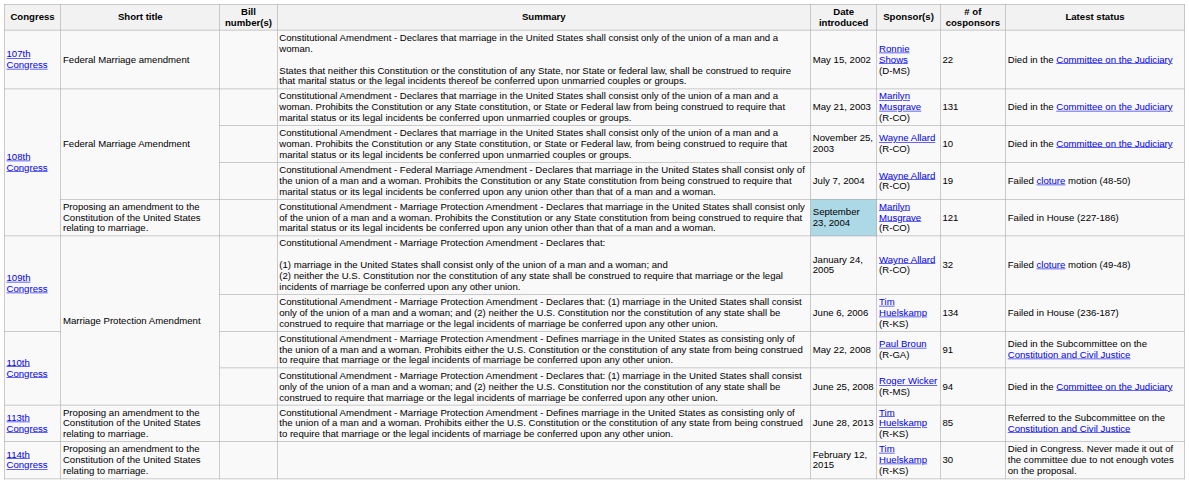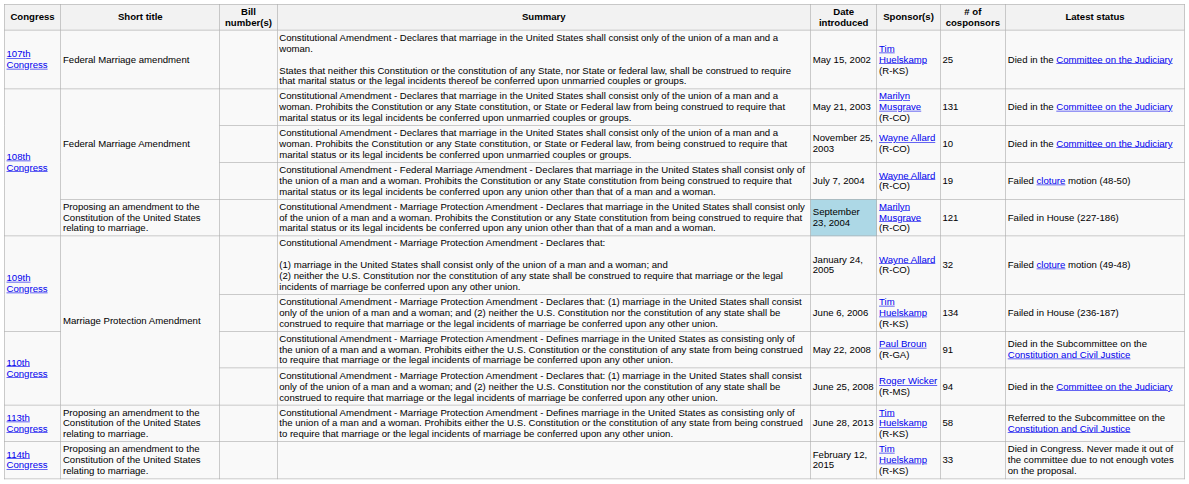 <table class="wikitable">
 <tr>
 <th>Congress</th>
 <th>Short title</th>
 <th>Bill number(s)</th>
 <th>Summary</th>
 <th>Date introduced</th>
 <th>Sponsor(s)</th>
 <th># of cosponsors</th>
 <th>Latest status</th>
 </tr>
 <tr>
 <td><a href='#'>107th Congress</a></td>
 <td>Federal Marriage amendment</td>
 <td></td>
 <td>Constitutional Amendment - Declares that marriage in the United States shall consist only of the union of a man and a woman.<br><br>States that neither this Constitution or the constitution of any State, nor State or federal law, shall be construed to require that marital status or the legal incidents thereof be conferred upon unmarried couples or groups.</td>
 <td>May 15, 2002</td>
-<td><a href='#'>Ronnie Shows</a><br>(D-MS)</td>
-<td>22</td>
+<td><a href='#'>Tim Huelskamp</a><br>(R-KS)</td>
+<td>25</td>
 <td>Died in the <a href='#'>Committee on the Judiciary</a></td>
 </tr>
 <tr>
 <td rowspan=4><a href='#'>108th Congress</a></td>
 <td rowspan=3>Federal Marriage Amendment</td>
 <td></td>
 <td>Constitutional Amendment - Declares that marriage in the United States shall consist only of the union of a man and a woman. Prohibits the Constitution or any State constitution, or State or Federal law from being construed to require that marital status or its legal incidents be conferred upon unmarried couples or groups.</td>
 <td>May 21, 2003</td>
 <td><a href='#'>Marilyn Musgrave</a><br>(R-CO)</td>
 <td>131</td>
 <td>Died in the <a href='#'>Committee on the Judiciary</a></td>
 </tr>
 <tr>
 <td> </td>
 <td>Constitutional Amendment - Declares that marriage in the United States shall consist only of the union of a man and a woman. Prohibits the Constitution or any State constitution, or State or Federal law, from being construed to require that marital status or its legal incidents be conferred upon unmarried couples or groups.</td>
 <td>November 25, 2003</td>
 <td><a href='#'>Wayne Allard</a><br>(R-CO)</td>
 <td>10</td>
 <td>Died in the <a href='#'>Committee on the Judiciary</a></td>
 </tr>
 <tr>
 <td> </td>
 <td>Constitutional Amendment - Federal Marriage Amendment - Declares that marriage in the United States shall consist only of the union of a man and a woman. Prohibits the Constitution or any State constitution from being construed to require that marital status or its legal incidents be conferred upon any union other than that of a man and a woman.</td>
 <td>July 7, 2004</td>
 <td><a href='#'>Wayne Allard</a><br>(R-CO)</td>
 <td>19</td>
 <td>Failed <a href='#'>cloture</a> motion (48-50)</td>
 </tr>
 <tr>
 <td>Proposing an amendment to the Constitution of the United States relating to marriage.</td>
 <td></td>
 <td>Constitutional Amendment - Marriage Protection Amendment - Declares that marriage in the United States shall consist only of the union of a man and a woman. Prohibits the Constitution or any State constitution from being construed to require that marital status or its legal incidents be conferred upon any union other than that of a man and a woman.</td>
 <td style="background: lightblue;">September 23, 2004</td>
 <td><a href='#'>Marilyn Musgrave</a><br>(R-CO)</td>
 <td>121</td>
 <td>Failed in House (227-186)</td>
 </tr>
 <tr>
 <td rowspan=2><a href='#'>109th Congress</a></td>
 <td rowspan=4>Marriage Protection Amendment</td>
 <td> </td>
 <td>Constitutional Amendment - Marriage Protection Amendment - Declares that:<br><br>(1) marriage in the United States shall consist only of the union of a man and a woman; and<br> (2) neither the U.S. Constitution nor the constitution of any state shall be construed to require that marriage or the legal incidents of marriage be conferred upon any other union.</td>
 <td>January 24, 2005</td>
 <td><a href='#'>Wayne Allard</a><br>(R-CO)</td>
 <td>32</td>
 <td>Failed <a href='#'>cloture</a> motion (49-48)</td>
 </tr>
 <tr>
 <td></td>
 <td>Constitutional Amendment - Marriage Protection Amendment - Declares that: (1) marriage in the United States shall consist only of the union of a man and a woman; and (2) neither the U.S. Constitution nor the constitution of any state shall be construed to require that marriage or the legal incidents of marriage be conferred upon any other union.</td>
 <td>June 6, 2006</td>
 <td><a href='#'>Tim Huelskamp</a><br>(R-KS)</td>
 <td>134</td>
 <td>Failed in House (236-187)</td>
 </tr>
 <tr>
 <td rowspan=2><a href='#'>110th Congress</a></td>
 <td></td>
 <td>Constitutional Amendment - Marriage Protection Amendment - Defines marriage in the United States as consisting only of the union of a man and a woman. Prohibits either the U.S. Constitution or the constitution of any state from being construed to require that marriage or the legal incidents of marriage be conferred upon any other union.</td>
 <td>May 22, 2008</td>
 <td><a href='#'>Paul Broun</a><br>(R-GA)</td>
 <td>91</td>
 <td>Died in the Subcommittee on the <a href='#'>Constitution and Civil Justice</a></td>
 </tr>
 <tr>
 <td> </td>
 <td>Constitutional Amendment - Marriage Protection Amendment - Declares that: (1) marriage in the United States shall consist only of the union of a man and a woman; and (2) neither the U.S. Constitution nor the constitution of any state shall be construed to require that marriage or the legal incidents of marriage be conferred upon any other union.</td>
 <td>June 25, 2008</td>
 <td><a href='#'>Roger Wicker</a><br>(R-MS)</td>
 <td>94</td>
 <td>Died in the <a href='#'>Committee on the Judiciary</a></td>
 </tr>
 <tr>
 <td><a href='#'>113th Congress</a></td>
 <td>Proposing an amendment to the Constitution of the United States relating to marriage.</td>
 <td></td>
 <td>Constitutional Amendment - Marriage Protection Amendment - Defines marriage in the United States as consisting only of the union of a man and a woman. Prohibits either the U.S. Constitution or the constitution of any state from being construed to require that marriage or the legal incidents of marriage be conferred upon any other union.</td>
 <td>June 28, 2013</td>
 <td><a href='#'>Tim Huelskamp</a><br>(R-KS)</td>
-<td>85</td>
+<td>58</td>
 <td>Referred to the Subcommittee on the <a href='#'>Constitution and Civil Justice</a></td>
 </tr>
 <tr>
 <td><a href='#'>114th Congress</a></td>
 <td>Proposing an amendment to the Constitution of the United States relating to marriage.</td>
 <td></td>
 <td></td>
 <td>February 12, 2015</td>
 <td><a href='#'>Tim Huelskamp</a><br>(R-KS)</td>
-<td>30</td>
+<td>33</td>
 <td>Died in Congress. Never made it out of the committee due to not enough votes on the proposal.</td>
 </tr>
 </table>
